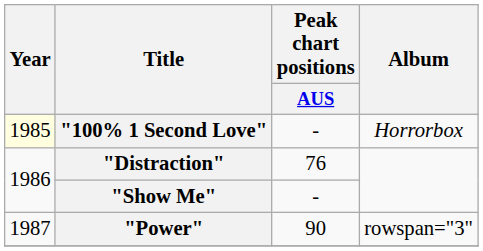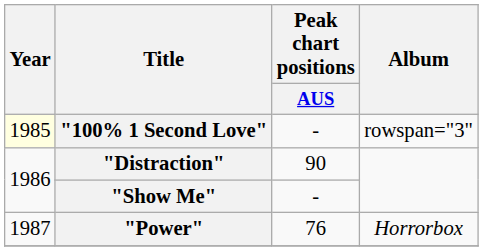 <table class="wikitable plainrowheaders" style="text-align:center;">
 <tr>
 <th scope="col" rowspan="2">Year</th>
 <th scope="col" rowspan="2">Title</th>
 <th scope="col" colspan="1">Peak chart positions</th>
 <th scope="col" rowspan="2">Album</th>
 </tr>
 <tr>
 <th scope="col" style="width:3em;font-size:90%;"><a href='#'>AUS</a><br></th>
 </tr>
 <tr>
 <td style="background: lightyellow;">1985</td>
 <th scope="row">"100% 1 Second Love"</th>
 <td>-</td>
-<td><em>Horrorbox</em></td>
+<td>rowspan="3" </td>
 </tr>
 <tr>
 <td rowspan="2">1986</td>
 <th scope="row">"Distraction"</th>
-<td>76</td>
+<td>90</td>
 </tr>
 <tr>
 <th scope="row">"Show Me"</th>
 <td>-</td>
 </tr>
 <tr>
 <td>1987</td>
 <th scope="row">"Power"</th>
-<td>90</td>
-<td>rowspan="3" </td>
+<td>76</td>
+<td><em>Horrorbox</em></td>
 </tr>
 <tr>
 </tr>
 </table>
